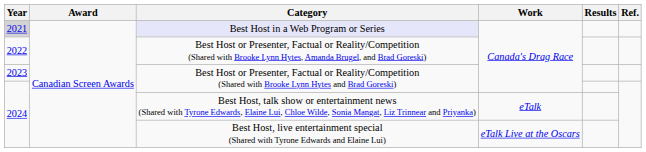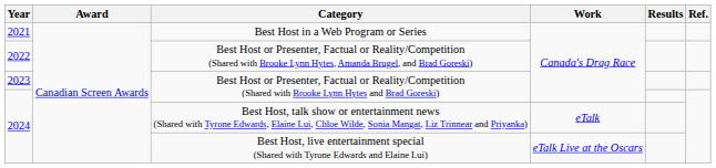 <table class="wikitable sortable" >
 <tr>
 <th>Year</th>
 <th>Award</th>
 <th>Category</th>
 <th>Work</th>
 <th>Results</th>
 <th>Ref.</th>
 </tr>
 <tr>
-<td style="background: lightgrey; text-align:center"><a href='#'>2021</a></td>
+<td style="text-align:center"><a href='#'>2021</a></td>
 <td style="text-align:center" rowspan=6><a href='#'>Canadian Screen Awards</a></td>
-<td style="background: lavender; text-align:center">Best Host in a Web Program or Series</td>
+<td style="text-align:center">Best Host in a Web Program or Series</td>
 <td rowspan="4" style="text-align:center"><em><a href='#'>Canada's Drag Race</a></em></td>
 <td></td>
 <td style="text-align:center"></td>
 </tr>
 <tr>
 <td style="text-align:center"><a href='#'>2022</a></td>
 <td style="text-align:center">Best Host or Presenter, Factual or Reality/Competition<br><small>(Shared with <a href='#'>Brooke Lynn Hytes</a>, <a href='#'>Amanda Brugel</a>, and <a href='#'>Brad Goreski</a>)</small></td>
 <td></td>
 <td style="text-align:center"></td>
 </tr>
 <tr>
 <td style="text-align:center"><a href='#'>2023</a></td>
 <td style="text-align:center" rowspan=2>Best Host or Presenter, Factual or Reality/Competition<br><small>(Shared with <a href='#'>Brooke Lynn Hytes</a> and <a href='#'>Brad Goreski</a>)</small></td>
 <td></td>
 <td style="text-align:center"></td>
 </tr>
 <tr>
 <td style="text-align:center" rowspan=3><a href='#'>2024</a></td>
 <td></td>
 <td style="text-align:center" rowspan=3></td>
 </tr>
 <tr>
 <td style="text-align:center">Best Host, talk show or entertainment news<br><small>(Shared with <a href='#'>Tyrone Edwards</a>, <a href='#'>Elaine Lui</a>, <a href='#'>Chloe Wilde</a>, <a href='#'>Sonia Mangat</a>, <a href='#'>Liz Trinnear</a> and <a href='#'>Priyanka</a>)</small></td>
 <td style="text-align:center"><em><a href='#'>eTalk</a></em></td>
 <td></td>
 </tr>
 <tr>
 <td style="text-align:center">Best Host, live entertainment special<br><small>(Shared with Tyrone Edwards and Elaine Lui)</small></td>
 <td style="text-align:center"><em><a href='#'>eTalk Live at the Oscars</a></em></td>
 <td></td>
 </tr>
 </table>
